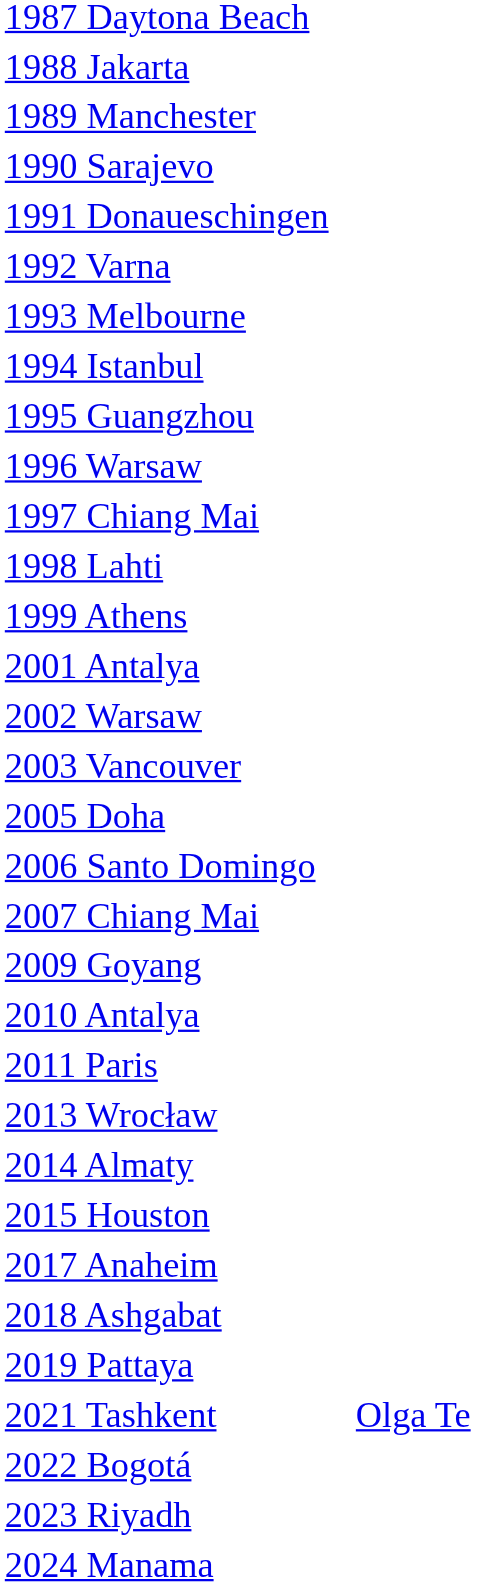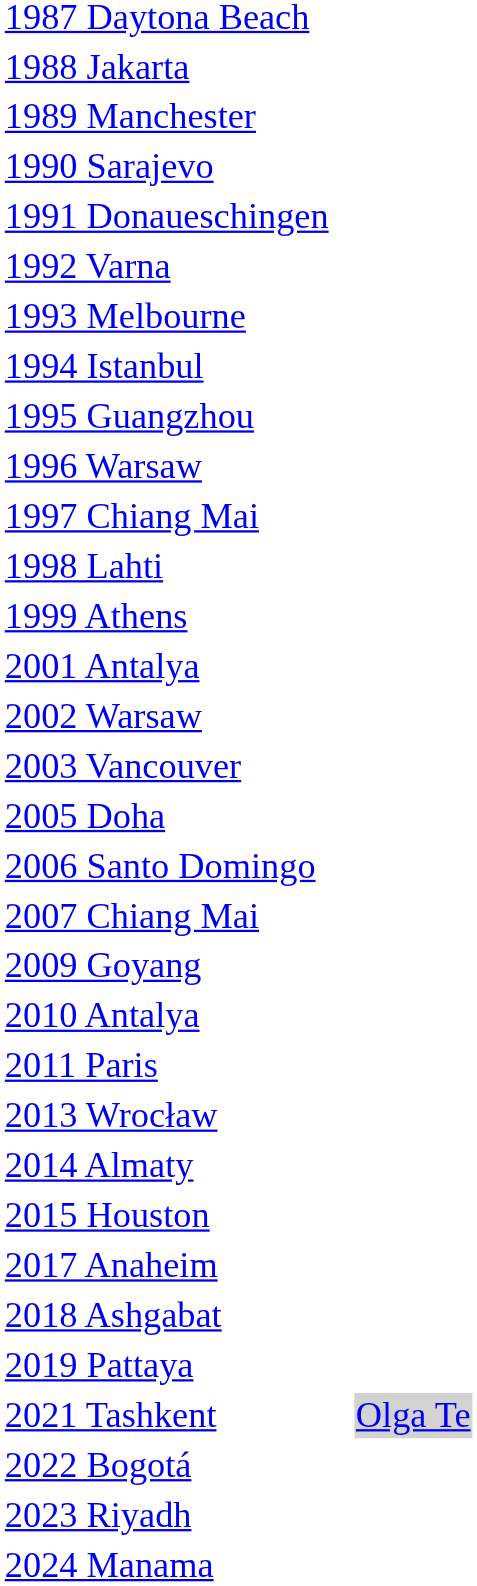 <table>
 <tr>
 <td><a href='#'>1987 Daytona Beach</a></td>
 <td></td>
 <td></td>
 <td></td>
 </tr>
 <tr>
 <td><a href='#'>1988 Jakarta</a></td>
 <td></td>
 <td></td>
 <td></td>
 </tr>
 <tr>
 <td><a href='#'>1989 Manchester</a></td>
 <td></td>
 <td></td>
 <td></td>
 </tr>
 <tr>
 <td><a href='#'>1990 Sarajevo</a></td>
 <td></td>
 <td></td>
 <td></td>
 </tr>
 <tr>
 <td><a href='#'>1991 Donaueschingen</a></td>
 <td></td>
 <td></td>
 <td></td>
 </tr>
 <tr>
 <td><a href='#'>1992 Varna</a></td>
 <td></td>
 <td></td>
 <td></td>
 </tr>
 <tr>
 <td><a href='#'>1993 Melbourne</a></td>
 <td></td>
 <td></td>
 <td></td>
 </tr>
 <tr>
 <td><a href='#'>1994 Istanbul</a></td>
 <td></td>
 <td></td>
 <td></td>
 </tr>
 <tr>
 <td><a href='#'>1995 Guangzhou</a></td>
 <td></td>
 <td></td>
 <td></td>
 </tr>
 <tr>
 <td><a href='#'>1996 Warsaw</a></td>
 <td></td>
 <td></td>
 <td></td>
 </tr>
 <tr>
 <td><a href='#'>1997 Chiang Mai</a></td>
 <td></td>
 <td></td>
 <td></td>
 </tr>
 <tr>
 <td><a href='#'>1998 Lahti</a></td>
 <td></td>
 <td></td>
 <td></td>
 </tr>
 <tr>
 <td><a href='#'>1999 Athens</a></td>
 <td></td>
 <td></td>
 <td></td>
 </tr>
 <tr>
 <td><a href='#'>2001 Antalya</a></td>
 <td></td>
 <td></td>
 <td></td>
 </tr>
 <tr>
 <td><a href='#'>2002 Warsaw</a></td>
 <td></td>
 <td></td>
 <td></td>
 </tr>
 <tr>
 <td><a href='#'>2003 Vancouver</a></td>
 <td></td>
 <td></td>
 <td></td>
 </tr>
 <tr>
 <td><a href='#'>2005 Doha</a></td>
 <td></td>
 <td></td>
 <td></td>
 </tr>
 <tr>
 <td><a href='#'>2006 Santo Domingo</a></td>
 <td></td>
 <td></td>
 <td></td>
 </tr>
 <tr>
 <td><a href='#'>2007 Chiang Mai</a></td>
 <td></td>
 <td></td>
 <td></td>
 </tr>
 <tr>
 <td><a href='#'>2009 Goyang</a></td>
 <td></td>
 <td></td>
 <td></td>
 </tr>
 <tr>
 <td><a href='#'>2010 Antalya</a></td>
 <td></td>
 <td></td>
 <td></td>
 </tr>
 <tr>
 <td><a href='#'>2011 Paris</a></td>
 <td></td>
 <td></td>
 <td></td>
 </tr>
 <tr>
 <td><a href='#'>2013 Wrocław</a></td>
 <td></td>
 <td></td>
 <td></td>
 </tr>
 <tr>
 <td><a href='#'>2014 Almaty</a></td>
 <td></td>
 <td></td>
 <td></td>
 </tr>
 <tr>
 <td><a href='#'>2015 Houston</a></td>
 <td></td>
 <td></td>
 <td></td>
 </tr>
 <tr>
 <td><a href='#'>2017 Anaheim</a></td>
 <td></td>
 <td></td>
 <td></td>
 </tr>
 <tr>
 <td><a href='#'>2018 Ashgabat</a></td>
 <td></td>
 <td></td>
 <td></td>
 </tr>
 <tr>
 <td><a href='#'>2019 Pattaya</a></td>
 <td></td>
 <td></td>
 <td></td>
 </tr>
 <tr>
 <td><a href='#'>2021 Tashkent</a></td>
 <td></td>
 <td></td>
-<td> <a href='#'>Olga Te</a> </td>
+<td style="background: lightgrey;"> <a href='#'>Olga Te</a> </td>
 </tr>
 <tr>
 <td><a href='#'>2022 Bogotá</a></td>
 <td></td>
 <td></td>
 <td></td>
 </tr>
 <tr>
 <td><a href='#'>2023 Riyadh</a></td>
 <td></td>
 <td></td>
 <td></td>
 </tr>
 <tr>
 <td><a href='#'>2024 Manama</a></td>
 <td></td>
 <td></td>
 <td></td>
 </tr>
 </table>
